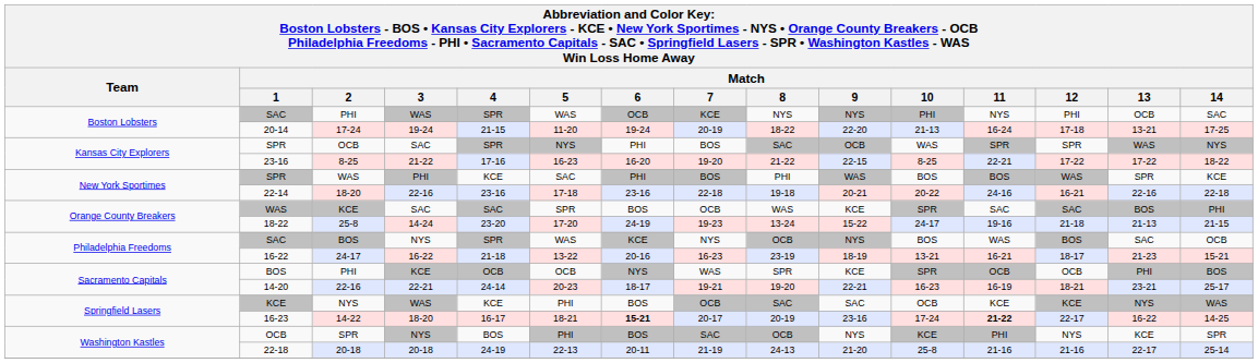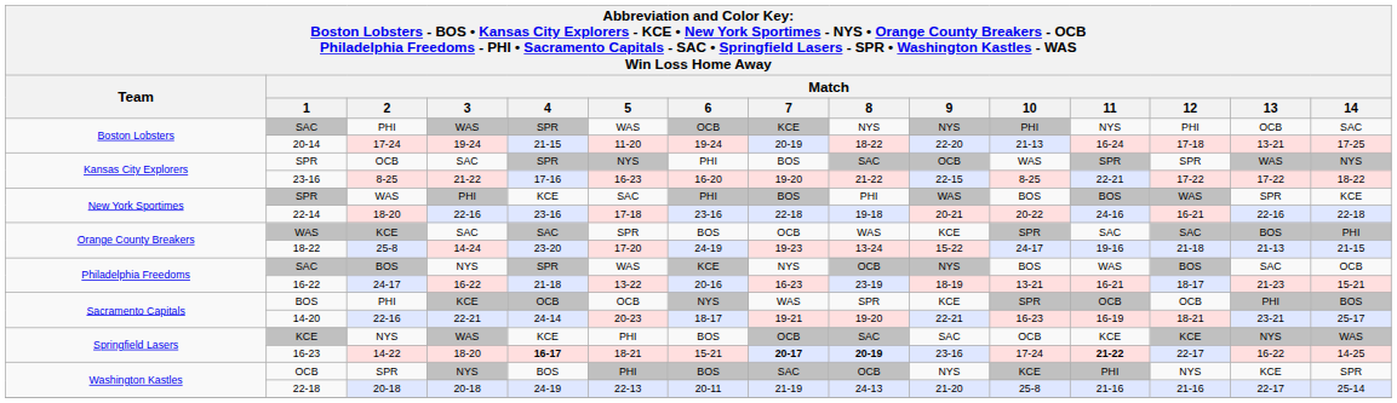 <table class="wikitable" style="text-align:center;width=100%">
 <tr>
 <th colspan="15">Abbreviation and Color Key:<br><a href='#'>Boston Lobsters</a> - BOS • <a href='#'>Kansas City Explorers</a> - KCE • <a href='#'>New York Sportimes</a> - NYS • <a href='#'>Orange County Breakers</a> - OCB <br> <a href='#'>Philadelphia Freedoms</a> - PHI • <a href='#'>Sacramento Capitals</a> - SAC • <a href='#'>Springfield Lasers</a> - SPR • <a href='#'>Washington Kastles</a> - WAS<br><span>Win</span>  <span>Loss</span>  <span>Home</span>  <span>Away</span></th>
 </tr>
 <tr>
 <th width="10.4%" rowspan="2">Team</th>
 <th width="89.6%" colspan="14">Match</th>
 </tr>
 <tr style="background-color:#CCCCCC; font-size: 90%">
 <th width="3.2%">1</th>
 <th width="3.2%">2</th>
 <th width="3.2%">3</th>
 <th width="3.2%">4</th>
 <th width="3.2%">5</th>
 <th width="3.2%">6</th>
 <th width="3.2%">7</th>
 <th width="3.2%">8</th>
 <th width="3.2%">9</th>
 <th width="3.2%">10</th>
 <th width="3.2%">11</th>
 <th width="3.2%">12</th>
 <th width="3.2%">13</th>
 <th width="3.2%">14<br></th>
 </tr>
 <tr style="font-size: 75%">
 <td rowspan="2"><a href='#'>Boston Lobsters</a></td>
 <td bgcolor=#C0C0C0>SAC</td>
 <td>PHI</td>
 <td bgcolor=#C0C0C0>WAS</td>
 <td bgcolor=#C0C0C0>SPR</td>
 <td>WAS</td>
 <td bgcolor=#C0C0C0>OCB</td>
 <td bgcolor=#C0C0C0>KCE</td>
 <td>NYS</td>
 <td bgcolor=#C0C0C0>NYS</td>
 <td bgcolor=#C0C0C0>PHI</td>
 <td>NYS</td>
 <td>PHI</td>
 <td>OCB</td>
 <td>SAC</td>
 </tr>
 <tr style="font-size: 75%">
 <td>20-14</td>
 <td bgcolor=#FFDFDF>17-24</td>
 <td bgcolor=#FFDFDF>19-24</td>
 <td bgcolor=#DFE7FF>21-15</td>
 <td bgcolor=#FFDFDF>11-20</td>
 <td bgcolor=#FFDFDF>19-24</td>
 <td bgcolor=#DFE7FF>20-19</td>
 <td bgcolor=#FFDFDF>18-22</td>
 <td bgcolor=#DFE7FF>22-20</td>
 <td bgcolor=#DFE7FF>21-13</td>
 <td bgcolor=#FFDFDF>16-24</td>
 <td bgcolor=#FFDFDF>17-18</td>
 <td bgcolor=#FFDFDF>13-21</td>
 <td bgcolor=#FFDFDF>17-25</td>
 </tr>
 <tr style="font-size: 75%">
 <td rowspan="2"><a href='#'>Kansas City Explorers</a></td>
 <td>SPR</td>
 <td>OCB</td>
 <td>SAC</td>
 <td bgcolor=#C0C0C0>SPR</td>
 <td bgcolor=#C0C0C0>NYS</td>
 <td>PHI</td>
 <td>BOS</td>
 <td bgcolor=#C0C0C0>SAC</td>
 <td bgcolor=#C0C0C0>OCB</td>
 <td>WAS</td>
 <td bgcolor=#C0C0C0>SPR</td>
 <td>SPR</td>
 <td bgcolor=#C0C0C0>WAS</td>
 <td bgcolor=#C0C0C0>NYS</td>
 </tr>
 <tr style="font-size: 75%">
 <td>23-16</td>
 <td bgcolor=#FFDFDF>8-25</td>
 <td bgcolor=#FFDFDF>21-22</td>
 <td bgcolor=#DFE7FF>17-16</td>
 <td bgcolor=#FFDFDF>16-23</td>
 <td bgcolor=#FFDFDF>16-20</td>
 <td bgcolor=#FFDFDF>19-20</td>
 <td bgcolor=#FFDFDF>21-22</td>
 <td bgcolor=#DFE7FF>22-15</td>
 <td bgcolor=#FFDFDF>8-25</td>
 <td bgcolor=#DFE7FF>22-21</td>
 <td bgcolor=#FFDFDF>17-22</td>
 <td bgcolor=#FFDFDF>17-22</td>
 <td bgcolor=#FFDFDF>18-22</td>
 </tr>
 <tr style="font-size: 75%">
 <td rowspan="2"><a href='#'>New York Sportimes</a></td>
 <td bgcolor=#C0C0C0>SPR</td>
 <td>WAS</td>
 <td bgcolor=#C0C0C0>PHI</td>
 <td>KCE</td>
 <td>SAC</td>
 <td bgcolor=#C0C0C0>PHI</td>
 <td bgcolor=#C0C0C0>BOS</td>
 <td>PHI</td>
 <td bgcolor=#C0C0C0>WAS</td>
 <td>BOS</td>
 <td bgcolor=#C0C0C0>BOS</td>
 <td bgcolor=#C0C0C0>WAS</td>
 <td>SPR</td>
 <td>KCE</td>
 </tr>
 <tr style="font-size: 75%">
 <td>22-14</td>
 <td bgcolor=#FFDFDF>18-20</td>
 <td bgcolor=#DFE7FF>22-16</td>
 <td bgcolor=#DFE7FF>23-16</td>
 <td bgcolor=#FFDFDF>17-18</td>
 <td bgcolor=#DFE7FF>23-16</td>
 <td bgcolor=#DFE7FF>22-18</td>
 <td bgcolor=#DFE7FF>19-18</td>
 <td bgcolor=#FFDFDF>20-21</td>
 <td bgcolor=#FFDFDF>20-22</td>
 <td bgcolor=#DFE7FF>24-16</td>
 <td bgcolor=#FFDFDF>16-21</td>
 <td bgcolor=#DFE7FF>22-16</td>
 <td bgcolor=#DFE7FF>22-18</td>
 </tr>
 <tr style="font-size: 75%">
 <td rowspan="2"><a href='#'>Orange County Breakers</a></td>
 <td bgcolor=#C0C0C0>WAS</td>
 <td bgcolor=#C0C0C0>KCE</td>
 <td>SAC</td>
 <td bgcolor=#C0C0C0>SAC</td>
 <td>SPR</td>
 <td>BOS</td>
 <td>OCB</td>
 <td>WAS</td>
 <td>KCE</td>
 <td bgcolor=#C0C0C0>SPR</td>
 <td>SAC</td>
 <td bgcolor=#C0C0C0>SAC</td>
 <td bgcolor=#C0C0C0>BOS</td>
 <td bgcolor=#C0C0C0>PHI</td>
 </tr>
 <tr style="font-size: 75%">
 <td>18-22</td>
 <td bgcolor=#DFE7FF>25-8</td>
 <td bgcolor=#FFDFDF>14-24</td>
 <td bgcolor=#DFE7FF>23-20</td>
 <td bgcolor=#FFDFDF>17-20</td>
 <td bgcolor=#DFE7FF>24-19</td>
 <td bgcolor=#FFDFDF>19-23</td>
 <td bgcolor=#FFDFDF>13-24</td>
 <td bgcolor=#FFDFDF>15-22</td>
 <td bgcolor=#DFE7FF>24-17</td>
 <td bgcolor=#DFE7FF>19-16</td>
 <td bgcolor=#DFE7FF>21-18</td>
 <td bgcolor=#DFE7FF>21-13</td>
 <td bgcolor=#DFE7FF>21-15</td>
 </tr>
 <tr style="font-size: 75%">
 <td rowspan="2"><a href='#'>Philadelphia Freedoms</a></td>
 <td bgcolor=#C0C0C0>SAC</td>
 <td bgcolor=#C0C0C0>BOS</td>
 <td>NYS</td>
 <td bgcolor=#C0C0C0>SPR</td>
 <td>WAS</td>
 <td bgcolor=#C0C0C0>KCE</td>
 <td>NYS</td>
 <td bgcolor=#C0C0C0>OCB</td>
 <td bgcolor=#C0C0C0>NYS</td>
 <td>BOS</td>
 <td>WAS</td>
 <td bgcolor=#C0C0C0>BOS</td>
 <td>SAC</td>
 <td>OCB</td>
 </tr>
 <tr style="font-size: 75%">
 <td>16-22</td>
 <td bgcolor=#DFE7FF>24-17</td>
 <td bgcolor=#FFDFDF>16-22</td>
 <td bgcolor=#DFE7FF>21-18</td>
 <td bgcolor=#FFDFDF>13-22</td>
 <td bgcolor=#DFE7FF>20-16</td>
 <td bgcolor=#FFDFDF>16-23</td>
 <td bgcolor=#DFE7FF>23-19</td>
 <td bgcolor=#FFDFDF>18-19</td>
 <td bgcolor=#FFDFDF>13-21</td>
 <td bgcolor=#FFDFDF>16-21</td>
 <td bgcolor=#DFE7FF>18-17</td>
 <td bgcolor=#FFDFDF>21-23</td>
 <td bgcolor=#FFDFDF>15-21</td>
 </tr>
 <tr style="font-size: 75%">
 <td rowspan="2"><a href='#'>Sacramento Capitals</a></td>
 <td>BOS</td>
 <td>PHI</td>
 <td bgcolor=#C0C0C0>KCE</td>
 <td bgcolor=#C0C0C0>OCB</td>
 <td>OCB</td>
 <td bgcolor=#C0C0C0>NYS</td>
 <td>WAS</td>
 <td>SPR</td>
 <td>KCE</td>
 <td bgcolor=#C0C0C0>SPR</td>
 <td bgcolor=#C0C0C0>OCB</td>
 <td>OCB</td>
 <td bgcolor=#C0C0C0>PHI</td>
 <td bgcolor=#C0C0C0>BOS</td>
 </tr>
 <tr style="font-size: 75%">
 <td>14-20</td>
 <td bgcolor=#DFE7FF>22-16</td>
 <td bgcolor=#DFE7FF>22-21</td>
 <td bgcolor=#DFE7FF>24-14</td>
 <td bgcolor=#FFDFDF>20-23</td>
 <td bgcolor=#DFE7FF>18-17</td>
 <td bgcolor=#FFDFDF>19-21</td>
 <td bgcolor=#FFDFDF>19-20</td>
 <td bgcolor=#DFE7FF>22-21</td>
 <td bgcolor=#FFDFDF>16-23</td>
 <td bgcolor=#FFDFDF>16-19</td>
 <td bgcolor=#FFDFDF>18-21</td>
 <td bgcolor=#DFE7FF>23-21</td>
 <td bgcolor=#DFE7FF>25-17</td>
 </tr>
 <tr style="font-size: 75%">
 <td rowspan="2"><a href='#'>Springfield Lasers</a></td>
 <td bgcolor=#C0C0C0>KCE</td>
 <td>NYS</td>
 <td bgcolor=#C0C0C0>WAS</td>
 <td>KCE</td>
 <td>PHI</td>
 <td>BOS</td>
 <td bgcolor=#C0C0C0>OCB</td>
 <td bgcolor=#C0C0C0>SAC</td>
 <td>SAC</td>
 <td>OCB</td>
 <td>KCE</td>
 <td bgcolor=#C0C0C0>KCE</td>
 <td bgcolor=#C0C0C0>NYS</td>
 <td bgcolor=#C0C0C0>WAS</td>
 </tr>
 <tr style="font-size: 75%">
 <td>16-23</td>
 <td bgcolor=#FFDFDF>14-22</td>
 <td bgcolor=#FFDFDF>18-20</td>
-<td bgcolor=#FFDFDF>16-17</td>
+<td bgcolor=#FFDFDF><strong>16-17</strong></td>
 <td bgcolor=#FFDFDF>18-21</td>
-<td bgcolor=#FFDFDF><strong>15-21</strong></td>
-<td bgcolor=#DFE7FF>20-17</td>
-<td bgcolor=#DFE7FF>20-19</td>
+<td bgcolor=#FFDFDF>15-21</td>
+<td bgcolor=#DFE7FF><strong>20-17</strong></td>
+<td bgcolor=#DFE7FF><strong>20-19</strong></td>
 <td bgcolor=#DFE7FF>23-16</td>
 <td bgcolor=#FFDFDF>17-24</td>
 <td bgcolor=#FFDFDF><strong>21-22</strong></td>
 <td bgcolor=#DFE7FF>22-17</td>
 <td bgcolor=#FFDFDF>16-22</td>
 <td bgcolor=#FFDFDF>14-25</td>
 </tr>
 <tr style="font-size: 75%">
 <td rowspan="2"><a href='#'>Washington Kastles</a></td>
 <td>OCB</td>
 <td>SPR</td>
 <td bgcolor=#C0C0C0>NYS</td>
 <td>BOS</td>
 <td bgcolor=#C0C0C0>PHI</td>
 <td bgcolor=#C0C0C0>BOS</td>
 <td bgcolor=#C0C0C0>SAC</td>
 <td bgcolor=#C0C0C0>OCB</td>
 <td>NYS</td>
 <td bgcolor=#C0C0C0>KCE</td>
 <td bgcolor=#C0C0C0>PHI</td>
 <td>NYS</td>
 <td>KCE</td>
 <td>SPR</td>
 </tr>
 <tr style="font-size: 75%">
 <td>22-18</td>
 <td bgcolor=#DFE7FF>20-18</td>
 <td bgcolor=#DFE7FF>20-18</td>
 <td bgcolor=#DFE7FF>24-19</td>
 <td bgcolor=#DFE7FF>22-13</td>
 <td bgcolor=#DFE7FF>20-11</td>
 <td bgcolor=#DFE7FF>21-19</td>
 <td bgcolor=#DFE7FF>24-13</td>
 <td bgcolor=#DFE7FF>21-20</td>
 <td bgcolor=#DFE7FF>25-8</td>
 <td bgcolor=#DFE7FF>21-16</td>
 <td bgcolor=#DFE7FF>21-16</td>
 <td bgcolor=#DFE7FF>22-17</td>
 <td bgcolor=#DFE7FF>25-14</td>
 </tr>
 <tr style="font-size: 75%">
 </tr>
 </table>
